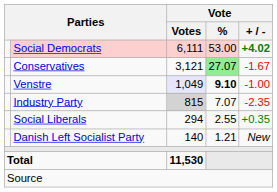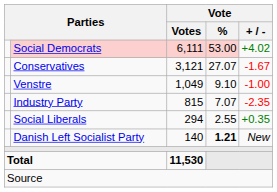 <table class="wikitable" style="text-align:right;">
 <tr>
 <th style="text-align:centre;" rowspan="2" colspan="2" width="225">Parties</th>
 <th colspan="3">Vote</th>
 </tr>
 <tr>
 <th width="15">Votes</th>
 <th width="15">%</th>
 <th width="15">+ / -</th>
 </tr>
 <tr>
 <td width="2" style="color:inherit;background:"></td>
 <td bgcolor=#fbd0ce  align="left"><a href='#'>Social Democrats</a></td>
 <td bgcolor=#fbd0ce>6,111</td>
 <td bgcolor=#fbd0ce>53.00</td>
-<td style=color:green;><strong>+4.02</strong></td>
+<td style=color:green;>+4.02</td>
 </tr>
 <tr>
 <td width="2" style="color:inherit;background:"></td>
 <td align="left"><a href='#'>Conservatives</a></td>
 <td>3,121</td>
-<td style="background: lightgreen;">27.07</td>
+<td>27.07</td>
 <td style=color:red;>-1.67</td>
 </tr>
 <tr>
 <td width="2" style="color:inherit;background:"></td>
 <td align="left"><a href='#'>Venstre</a></td>
-<td style="background: lavender;">1,049</td>
-<td><strong>9.10</strong></td>
+<td>1,049</td>
+<td>9.10</td>
 <td style=color:red;>-1.00</td>
 </tr>
 <tr>
 <td width="2" style="color:inherit;background:"></td>
 <td align="left"><a href='#'>Industry Party</a></td>
-<td style="background: lightgrey;">815</td>
+<td>815</td>
 <td>7.07</td>
 <td style=color:red;>-2.35</td>
 </tr>
 <tr>
 <td width="2" style="color:inherit;background:"></td>
 <td align="left"><a href='#'>Social Liberals</a></td>
 <td>294</td>
 <td>2.55</td>
 <td style=color:green;>+0.35</td>
 </tr>
 <tr>
 <td width="2" style="color:inherit;background:"></td>
 <td align="left"><a href='#'>Danish Left Socialist Party</a></td>
 <td>140</td>
-<td>1.21</td>
+<td><strong>1.21</strong></td>
 <td><em>New</em></td>
 </tr>
 <tr>
 <td colspan="7" bgcolor="#E9E9E9"></td>
 </tr>
 <tr>
 <td align="left" colspan="2"><strong>Total</strong></td>
 <td><strong>11,530</strong></td>
 <td bgcolor="#E9E9E9" colspan="2"></td>
 </tr>
 <tr>
 <td align="left" colspan="6">Source</td>
 </tr>
 </table>
